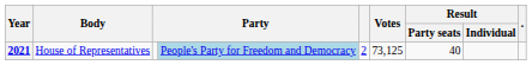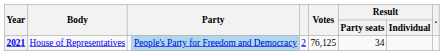 <table class="wikitable plainrowheaders sortable" border=2 cellpadding=4 cellspacing=0 style="border: 1px #aaa solid; font-size: 90%; text-align:center;">
 <tr>
 <th scope="col" rowspan=2>Year</th>
 <th scope="col" rowspan=2>Body</th>
 <th scope="col" colspan=2 rowspan=2>Party</th>
 <th scope="col" rowspan=2></th>
 <th scope="col" rowspan=2>Votes</th>
 <th scope="colgroup" colspan=2>Result</th>
 <th scope="col" rowspan=2 class="unsortable">.</th>
 </tr>
 <tr>
 <th scope="col">Party seats</th>
 <th scope="col">Individual</th>
 </tr>
 <tr>
 <th scope="row"><a href='#'>2021</a></th>
 <td><a href='#'>House of Representatives</a></td>
 <td style="background-color:"></td>
 <td style="background: lightblue;"><a href='#'>People's Party for Freedom and Democracy</a></td>
 <td style=text-align:right><a href='#'>2</a></td>
-<td style=text-align:right>73,125</td>
-<td style=text-align:right>40</td>
+<td style=text-align:right>76,125</td>
+<td style=text-align:right>34</td>
 <td></td>
 <td></td>
 </tr>
 </table>
